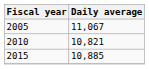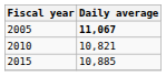 <table class="wikitable">
 <tr>
 <th>Fiscal year</th>
 <th>Daily average</th>
 </tr>
 <tr>
 <td>2005</td>
-<td>11,067</td>
+<td><strong>11,067</strong></td>
 </tr>
 <tr>
 <td>2010</td>
 <td>10,821</td>
 </tr>
 <tr>
 <td>2015</td>
 <td>10,885</td>
 </tr>
 <tr>
 </tr>
 </table>
